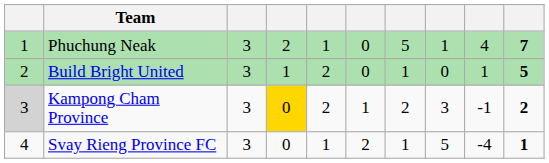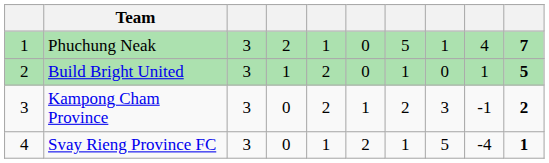 <table class="wikitable" style="text-align: center;">
 <tr>
 <th width=30></th>
 <th width=165>Team</th>
 <th width=30></th>
 <th width=30></th>
 <th width=30></th>
 <th width=30></th>
 <th width=30></th>
 <th width=30></th>
 <th width=30></th>
 <th width=30></th>
 </tr>
 <tr style="background:#ace1af;">
 <td>1</td>
 <td align=left>Phuchung Neak</td>
 <td>3</td>
 <td>2</td>
 <td>1</td>
 <td>0</td>
 <td>5</td>
 <td>1</td>
 <td>4</td>
 <td><strong>7</strong></td>
 </tr>
 <tr style="background:#ace1af;">
 <td>2</td>
 <td align=left><a href='#'>Build Bright United</a></td>
 <td>3</td>
 <td>1</td>
 <td>2</td>
 <td>0</td>
 <td>1</td>
 <td>0</td>
 <td>1</td>
 <td><strong>5</strong></td>
 </tr>
 <tr>
-<td style="background: lightgrey;">3</td>
+<td>3</td>
 <td align=left><a href='#'>Kampong Cham Province</a></td>
 <td>3</td>
-<td style="background: gold;">0</td>
+<td>0</td>
 <td>2</td>
 <td>1</td>
 <td>2</td>
 <td>3</td>
 <td>-1</td>
 <td><strong>2</strong></td>
 </tr>
 <tr>
 <td>4</td>
 <td align=left><a href='#'>Svay Rieng Province FC</a></td>
 <td>3</td>
 <td>0</td>
 <td>1</td>
 <td>2</td>
 <td>1</td>
 <td>5</td>
 <td>-4</td>
 <td><strong>1</strong></td>
 </tr>
 </table>
